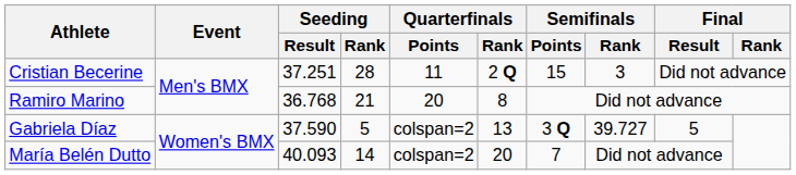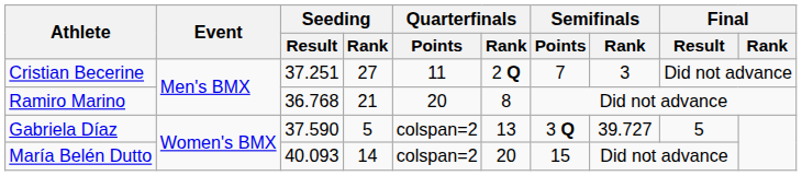 <table class=wikitable style="font-size:90%">
 <tr>
 <th rowspan="2">Athlete</th>
 <th rowspan="2">Event</th>
 <th colspan="2">Seeding</th>
 <th colspan="2">Quarterfinals</th>
 <th colspan="2">Semifinals</th>
 <th colspan="2">Final</th>
 </tr>
 <tr style="font-size:95%">
 <th>Result</th>
 <th>Rank</th>
 <th>Points</th>
 <th>Rank</th>
 <th>Points</th>
 <th>Rank</th>
 <th>Result</th>
 <th>Rank</th>
 </tr>
 <tr align=center>
 <td align=left><a href='#'>Cristian Becerine</a></td>
 <td align=left rowspan=2><a href='#'>Men's BMX</a></td>
 <td>37.251</td>
-<td>28</td>
+<td>27</td>
 <td>11</td>
 <td>2 <strong>Q</strong></td>
-<td>15</td>
+<td>7</td>
 <td>3</td>
 <td colspan=2>Did not advance</td>
 </tr>
 <tr align=center>
 <td align=left><a href='#'>Ramiro Marino</a></td>
 <td>36.768</td>
 <td>21</td>
 <td>20</td>
 <td>8</td>
 <td colspan=4>Did not advance</td>
 </tr>
 <tr align=center>
 <td align=left><a href='#'>Gabriela Díaz</a></td>
 <td align=left rowspan=2><a href='#'>Women's BMX</a></td>
 <td>37.590</td>
 <td>5</td>
 <td>colspan=2 </td>
 <td>13</td>
 <td>3 <strong>Q</strong></td>
 <td>39.727</td>
 <td>5</td>
 </tr>
 <tr align=center>
 <td align=left><a href='#'>María Belén Dutto</a></td>
 <td>40.093</td>
 <td>14</td>
 <td>colspan=2 </td>
 <td>20</td>
-<td>7</td>
+<td>15</td>
 <td colspan=2>Did not advance</td>
 </tr>
 </table>
